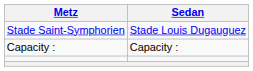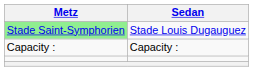 <table class="wikitable centre">
 <tr>
 <th><a href='#'>Metz</a></th>
 <th><a href='#'>Sedan</a></th>
 </tr>
 <tr>
-<td><a href='#'>Stade Saint-Symphorien</a></td>
+<td style="background: lightgreen;"><a href='#'>Stade Saint-Symphorien</a></td>
 <td><a href='#'>Stade Louis Dugauguez</a></td>
 </tr>
 <tr>
 <td>Capacity : <strong></strong></td>
 <td>Capacity : <strong></strong></td>
 </tr>
 <tr>
 <td></td>
 <td></td>
 </tr>
 <tr>
 <th colspan="2"></th>
 </tr>
 </table>
